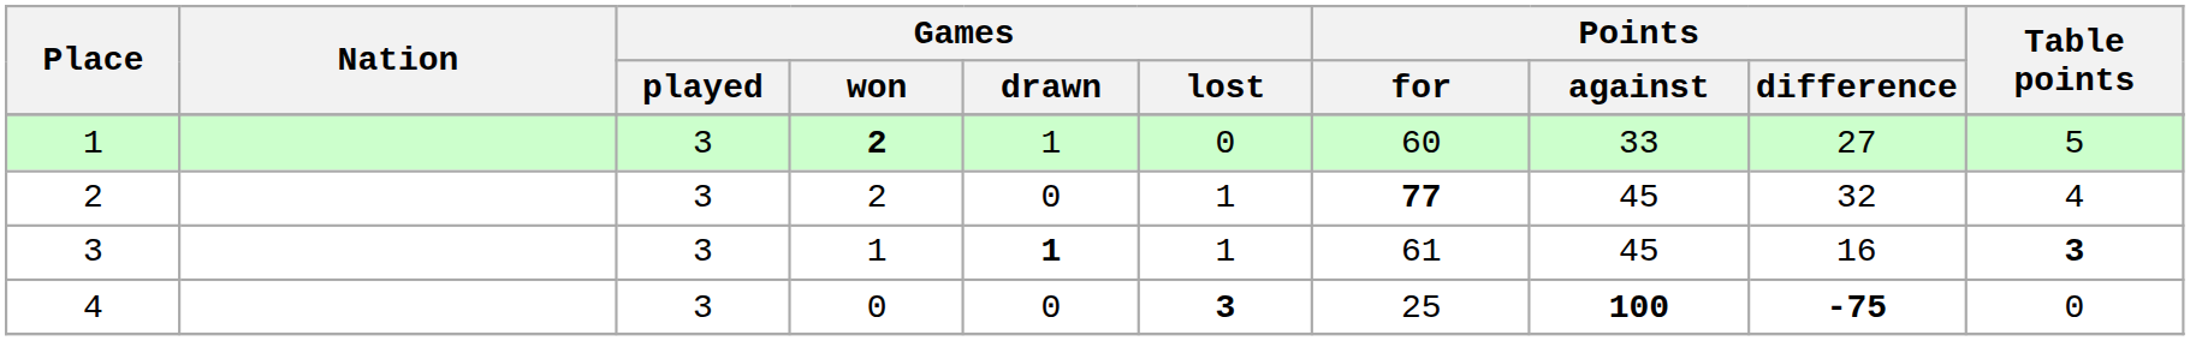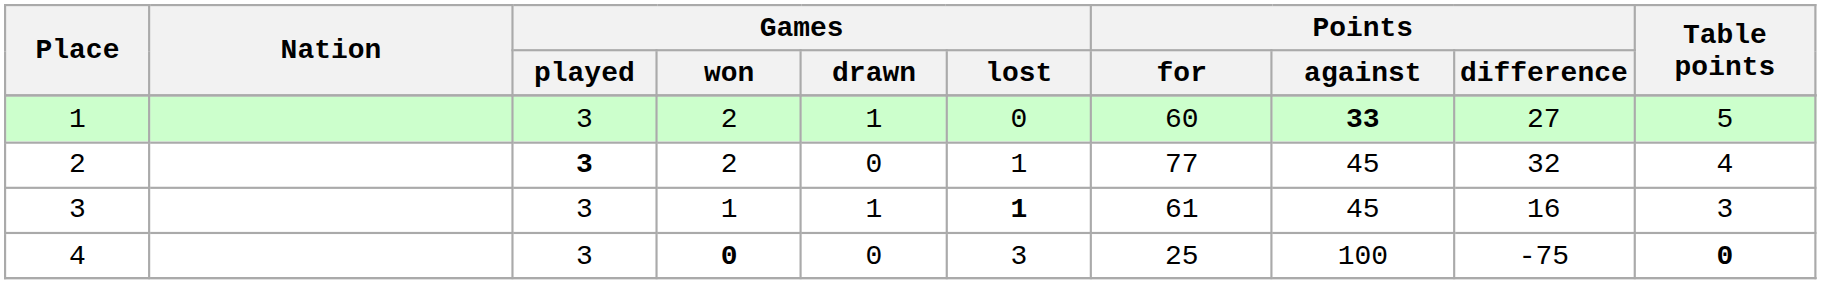 <table class="wikitable">
 <tr>
 <th rowspan=2 width="8%">Place</th>
 <th rowspan=2 width="20%">Nation</th>
 <th colspan=4 width="32%">Games</th>
 <th colspan=3 width="30%">Points</th>
 <th rowspan=2 width="10%">Table<br>points</th>
 </tr>
 <tr>
 <th width="8%">played</th>
 <th width="8%">won</th>
 <th width="8%">drawn</th>
 <th width="8%">lost</th>
 <th width="10%">for</th>
 <th width="10%">against</th>
 <th width="10%">difference</th>
 </tr>
 <tr>
 </tr>
 <tr bgcolor=#ccffcc align=center>
 <td>1</td>
 <td align=left><strong></strong></td>
 <td>3</td>
-<td><strong>2</strong></td>
+<td>2</td>
 <td>1</td>
 <td>0</td>
 <td>60</td>
-<td>33</td>
+<td><strong>33</strong></td>
 <td>27</td>
 <td>5</td>
 </tr>
 <tr bgcolor=#ffffff align=center>
 <td>2</td>
 <td align=left></td>
-<td>3</td>
+<td><strong>3</strong></td>
 <td>2</td>
 <td>0</td>
 <td>1</td>
-<td><strong>77</strong></td>
+<td>77</td>
 <td>45</td>
 <td>32</td>
 <td>4</td>
 </tr>
 <tr bgcolor=#ffffff align=center>
 <td>3</td>
 <td align=left></td>
 <td>3</td>
 <td>1</td>
+<td>1</td>
 <td><strong>1</strong></td>
-<td>1</td>
 <td>61</td>
 <td>45</td>
 <td>16</td>
-<td><strong>3</strong></td>
+<td>3</td>
 </tr>
 <tr bgcolor=#ffffff align=center>
 <td>4</td>
 <td align=left></td>
 <td>3</td>
+<td><strong>0</strong></td>
 <td>0</td>
-<td>0</td>
-<td><strong>3</strong></td>
+<td>3</td>
 <td>25</td>
-<td><strong>100</strong></td>
-<td><strong>-75</strong></td>
-<td>0</td>
+<td>100</td>
+<td>-75</td>
+<td><strong>0</strong></td>
 </tr>
 <tr bgcolor=#ffcccc align=center>
 </tr>
 </table>
